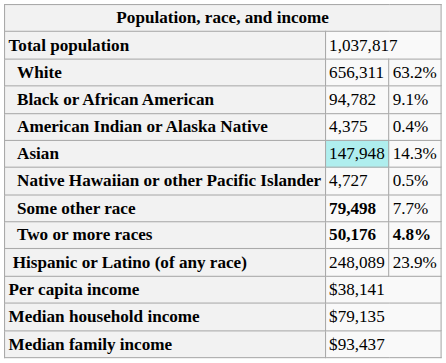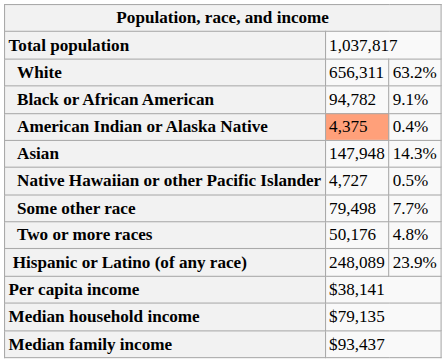 <table class="wikitable collapsible collapsed">
 <tr>
 <th colspan="6">Population, race, and income</th>
 </tr>
 <tr>
 <th scope="row" style="text-align: left;">Total population</th>
 <td colspan="2">1,037,817</td>
 </tr>
 <tr>
 <th scope="row" style="text-align: left;">  White</th>
 <td>656,311</td>
 <td>63.2%</td>
 </tr>
 <tr>
 <th scope="row" style="text-align: left;">  Black or African American</th>
 <td>94,782</td>
 <td>9.1%</td>
 </tr>
 <tr>
 <th scope="row" style="text-align: left;">  American Indian or Alaska Native</th>
-<td>4,375</td>
+<td style="background: lightsalmon;">4,375</td>
 <td>0.4%</td>
 </tr>
 <tr>
 <th scope="row" style="text-align: left;">  Asian</th>
-<td style="background: paleturquoise;">147,948</td>
+<td>147,948</td>
 <td>14.3%</td>
 </tr>
 <tr>
 <th scope="row" style="text-align: left;">  Native Hawaiian or other Pacific Islander</th>
 <td>4,727</td>
 <td>0.5%</td>
 </tr>
 <tr>
 <th scope="row" style="text-align: left;">  Some other race</th>
-<td><strong>79,498</strong></td>
+<td>79,498</td>
 <td>7.7%</td>
 </tr>
 <tr>
 <th scope="row" style="text-align: left;">  Two or more races</th>
-<td><strong>50,176</strong></td>
-<td><strong>4.8%</strong></td>
+<td>50,176</td>
+<td>4.8%</td>
 </tr>
 <tr>
 <th scope="row" style="text-align: left;"> Hispanic or Latino (of any race)</th>
 <td>248,089</td>
 <td>23.9%</td>
 </tr>
 <tr>
 <th scope="row" style="text-align: left;">Per capita income</th>
 <td colspan="2">$38,141</td>
 </tr>
 <tr>
 <th scope="row" style="text-align: left;">Median household income</th>
 <td colspan="2">$79,135</td>
 </tr>
 <tr>
 <th scope="row" style="text-align: left;">Median family income</th>
 <td colspan="2">$93,437</td>
 </tr>
 </table>
